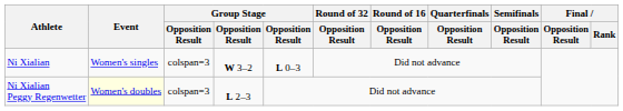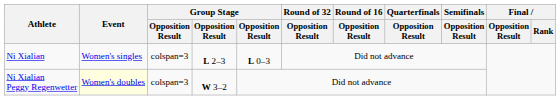 <table class="wikitable" style="font-size:90%">
 <tr>
 <th rowspan="2">Athlete</th>
 <th rowspan="2">Event</th>
 <th colspan=3>Group Stage</th>
 <th>Round of 32</th>
 <th>Round of 16</th>
 <th>Quarterfinals</th>
 <th>Semifinals</th>
 <th colspan=2>Final / </th>
 </tr>
 <tr style="font-size:95%">
 <th>Opposition<br>Result</th>
 <th>Opposition<br>Result</th>
 <th>Opposition<br>Result</th>
 <th>Opposition<br>Result</th>
 <th>Opposition<br>Result</th>
 <th>Opposition<br>Result</th>
 <th>Opposition<br>Result</th>
 <th>Opposition<br>Result</th>
 <th>Rank</th>
 </tr>
 <tr align=center>
 <td align=left><a href='#'>Ni Xialian</a></td>
 <td align=left><a href='#'>Women's singles</a></td>
 <td>colspan=3 </td>
-<td><br><strong>W</strong> 3–2</td>
+<td><br><strong>L</strong> 2–3</td>
 <td><br><strong>L</strong> 0–3</td>
 <td colspan=4>Did not advance</td>
 </tr>
 <tr align=center>
 <td align=left><a href='#'>Ni Xialian</a><br><a href='#'>Peggy Regenwetter</a></td>
 <td align=left style="background: lightyellow;"><a href='#'>Women's doubles</a></td>
 <td>colspan=3 </td>
-<td><br><strong>L</strong> 2–3</td>
+<td><br><strong>W</strong> 3–2</td>
 <td colspan=5>Did not advance</td>
 </tr>
 </table>
